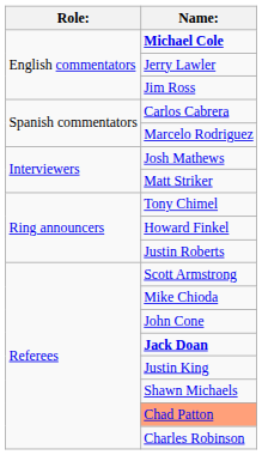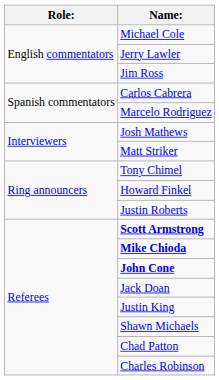 <table class=wikitable style="font-size:90%; margin: 0.5em 0 0.5em 1em; float: right; clear: right;">
 <tr>
 <th>Role:</th>
 <th>Name:</th>
 </tr>
 <tr>
 <td rowspan=3>English <a href='#'>commentators</a></td>
-<td><strong><a href='#'>Michael Cole</a></strong></td>
+<td><a href='#'>Michael Cole</a></td>
 </tr>
 <tr>
 <td><a href='#'>Jerry Lawler</a></td>
 </tr>
 <tr>
 <td><a href='#'>Jim Ross</a> </td>
 </tr>
 <tr>
 <td rowspan=2>Spanish commentators</td>
 <td><a href='#'>Carlos Cabrera</a></td>
 </tr>
 <tr>
 <td><a href='#'>Marcelo Rodriguez</a></td>
 </tr>
 <tr>
 <td rowspan=2><a href='#'>Interviewers</a></td>
 <td><a href='#'>Josh Mathews</a></td>
 </tr>
 <tr>
 <td><a href='#'>Matt Striker</a></td>
 </tr>
 <tr>
 <td rowspan=3><a href='#'>Ring announcers</a></td>
 <td><a href='#'>Tony Chimel</a></td>
 </tr>
 <tr>
 <td><a href='#'>Howard Finkel</a></td>
 </tr>
 <tr>
 <td><a href='#'>Justin Roberts</a></td>
 </tr>
 <tr>
 <td rowspan=8><a href='#'>Referees</a></td>
-<td><a href='#'>Scott Armstrong</a></td>
+<td><strong><a href='#'>Scott Armstrong</a></strong></td>
 </tr>
 <tr>
-<td><a href='#'>Mike Chioda</a></td>
+<td><strong><a href='#'>Mike Chioda</a></strong></td>
 </tr>
 <tr>
-<td><a href='#'>John Cone</a></td>
+<td><strong><a href='#'>John Cone</a></strong></td>
 </tr>
 <tr>
-<td><strong><a href='#'>Jack Doan</a></strong></td>
+<td><a href='#'>Jack Doan</a></td>
 </tr>
 <tr>
 <td><a href='#'>Justin King</a></td>
 </tr>
 <tr>
 <td><a href='#'>Shawn Michaels</a> </td>
 </tr>
 <tr>
-<td style="background: lightsalmon;"><a href='#'>Chad Patton</a></td>
+<td><a href='#'>Chad Patton</a></td>
 </tr>
 <tr>
 <td><a href='#'>Charles Robinson</a></td>
 </tr>
 </table>
